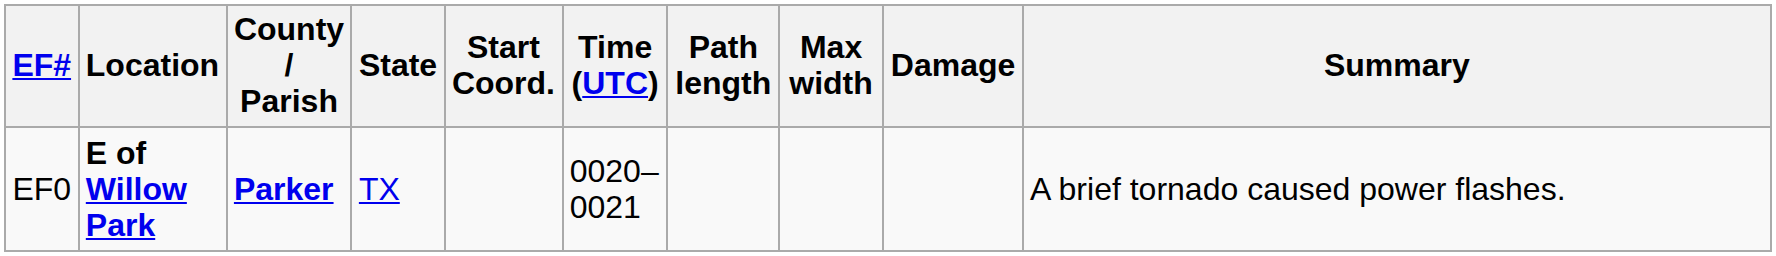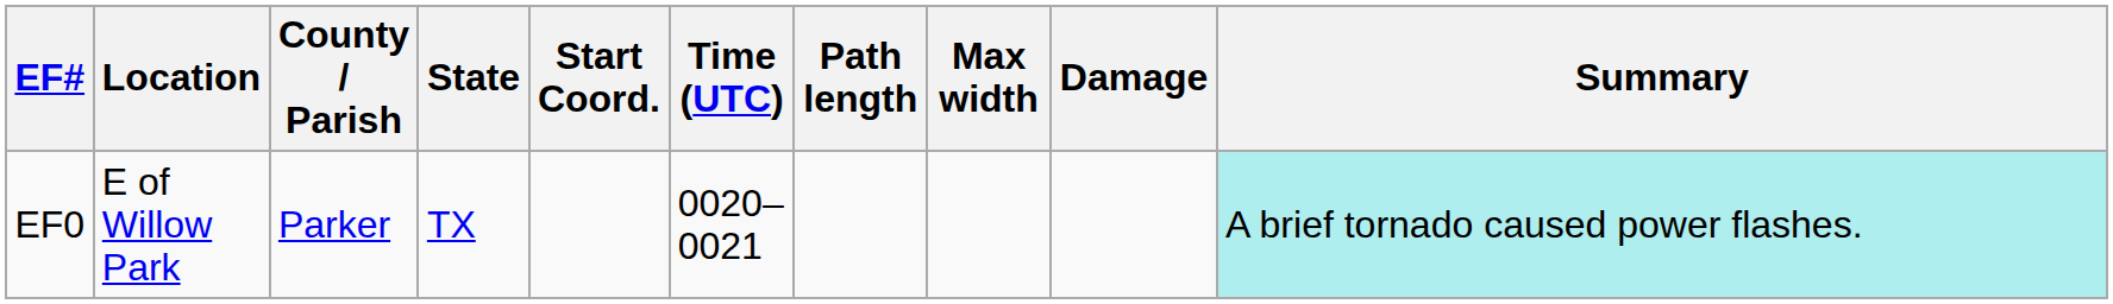 <table class="wikitable sortable" style="width:100%;">
 <tr>
 <th scope="col" width="3%" align="center"><a href='#'>EF#</a></th>
 <th scope="col" width="7%" align="center" class="unsortable">Location</th>
 <th scope="col" width="6%" align="center" class="unsortable">County / Parish</th>
 <th scope="col" width="5%" align="center">State</th>
 <th scope="col" width="6%" align="center">Start Coord.</th>
 <th scope="col" width="6%" align="center">Time (<a href='#'>UTC</a>)</th>
 <th scope="col" width="6%" align="center">Path length</th>
 <th scope="col" width="6%" align="center">Max width</th>
 <th scope="col" width="6%" align="center">Damage</th>
 <th scope="col" width="48%" class="unsortable" align="center">Summary</th>
 </tr>
 <tr>
 <td>EF0</td>
-<td><strong>E of <a href='#'>Willow Park</a></strong></td>
-<td><strong><a href='#'>Parker</a></strong></td>
+<td>E of <a href='#'>Willow Park</a></td>
+<td><a href='#'>Parker</a></td>
 <td><a href='#'>TX</a></td>
 <td></td>
 <td>0020–0021</td>
 <td></td>
 <td></td>
 <td></td>
-<td>A brief tornado caused power flashes.</td>
+<td style="background: paleturquoise;">A brief tornado caused power flashes.</td>
 </tr>
 <tr>
 </tr>
 </table>
